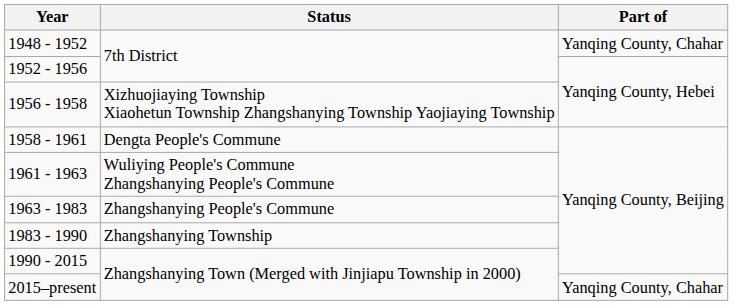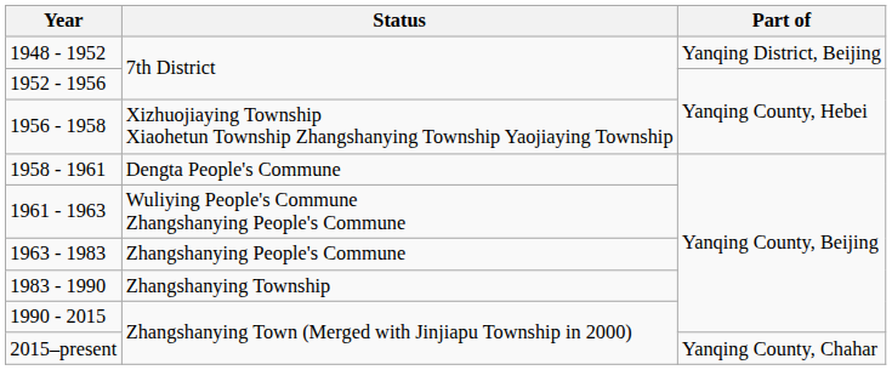 <table class="wikitable">
 <tr>
 <th>Year</th>
 <th>Status</th>
 <th>Part of</th>
 </tr>
 <tr>
 <td>1948 - 1952</td>
 <td rowspan="2">7th District</td>
-<td>Yanqing County, Chahar</td>
+<td>Yanqing District, Beijing</td>
 </tr>
 <tr>
 <td>1952 - 1956</td>
 <td rowspan="2">Yanqing County, Hebei</td>
 </tr>
 <tr>
 <td>1956 - 1958</td>
 <td>Xizhuojiaying Township<br>Xiaohetun Township Zhangshanying Township Yaojiaying Township</td>
 </tr>
 <tr>
 <td>1958 - 1961</td>
 <td>Dengta People's Commune</td>
 <td rowspan="5">Yanqing County, Beijing</td>
 </tr>
 <tr>
 <td>1961 - 1963</td>
 <td>Wuliying People's Commune<br>Zhangshanying People's Commune</td>
 </tr>
 <tr>
 <td>1963 - 1983</td>
 <td>Zhangshanying People's Commune</td>
 </tr>
 <tr>
 <td>1983 - 1990</td>
 <td>Zhangshanying Township</td>
 </tr>
 <tr>
 <td>1990 - 2015</td>
 <td rowspan="2">Zhangshanying Town (Merged with Jinjiapu Township in 2000)</td>
 </tr>
 <tr>
 <td>2015–present</td>
 <td>Yanqing County, Chahar</td>
 </tr>
 </table>
